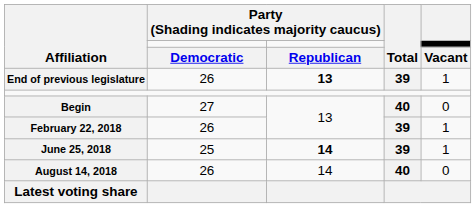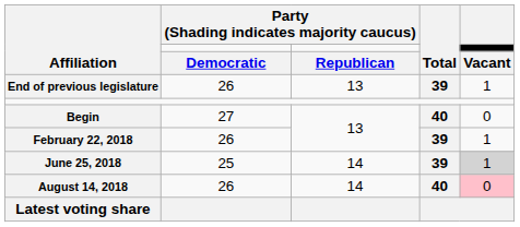 <table class="wikitable" style="text-align:center">
 <tr valign="bottom">
 <th scope="col" rowspan="3">Affiliation</th>
 <th scope="col" colspan="2">Party <div>(Shading indicates majority caucus)</div></th>
 <th scope="col" rowspan="3">Total</th>
 <th scope="col" colspan="2"></th>
 </tr>
 <tr style="height:5px">
 <td style="background-color:"></td>
 <td style="background-color:"></td>
 <td colspan="2" style="background:black"></td>
 </tr>
 <tr>
 <th><a href='#'>Democratic</a></th>
 <th><a href='#'>Republican</a></th>
 <th>Vacant</th>
 </tr>
 <tr>
 <th scope="row" style="white-space:nowrap; font-size:80%">End of previous legislature</th>
 <td>26</td>
-<td><strong>13</strong></td>
+<td>13</td>
 <th>39</th>
 <td>1</td>
 </tr>
 <tr>
 <td scope="row" colspan="6"></td>
 </tr>
 <tr>
 <th scope="row" style="white-space:nowrap; font-size:80%">Begin</th>
 <td>27</td>
 <td rowspan="2">13</td>
 <th>40</th>
 <td>0</td>
 </tr>
 <tr>
 <th scope="row" style="white-space:nowrap; font-size:80%">February 22, 2018</th>
 <td>26</td>
 <th>39</th>
 <td>1</td>
 </tr>
 <tr>
 <th scope="row" style="white-space:nowrap; font-size:80%">June 25, 2018</th>
 <td>25</td>
-<td><strong>14</strong></td>
+<td>14</td>
 <th>39</th>
-<td>1</td>
+<td style="background: lightgrey;">1</td>
 </tr>
 <tr>
 <th scope="row" style="white-space:nowrap; font-size:80%">August 14, 2018</th>
 <td>26</td>
 <td>14</td>
 <th>40</th>
-<td>0</td>
+<td style="background: pink;">0</td>
 </tr>
 <tr>
 <th scope="row">Latest voting share</th>
 <th></th>
 <th></th>
 <th colspan="2"></th>
 </tr>
 </table>
